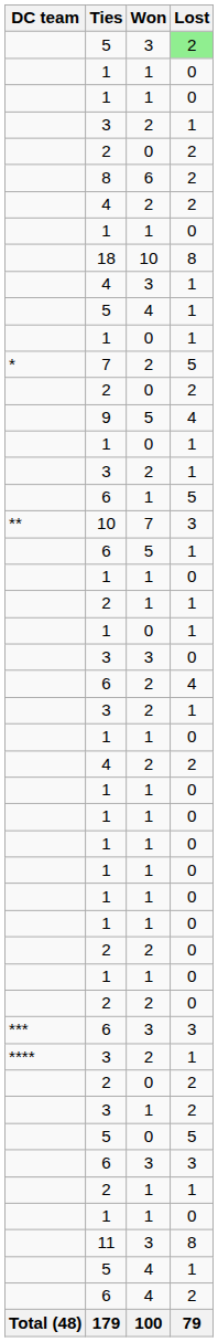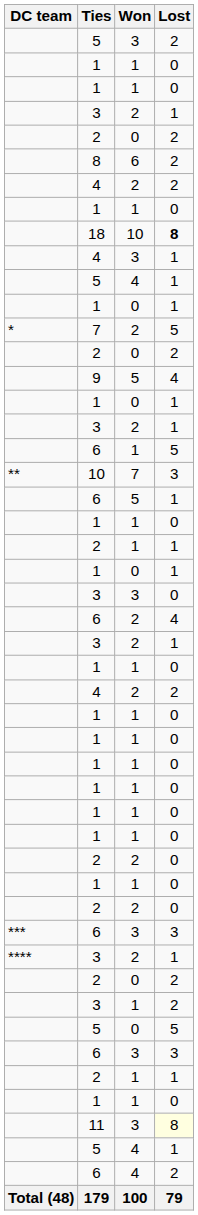 <table class="wikitable sortable" style="text-align:center">
 <tr>
 <th>DC team</th>
 <th>Ties</th>
 <th>Won</th>
 <th>Lost</th>
 </tr>
 <tr>
 <td align="left"></td>
 <td>5</td>
 <td>3</td>
-<td style="background: lightgreen;">2</td>
+<td>2</td>
 </tr>
 <tr>
 <td align="left"></td>
 <td>1</td>
 <td>1</td>
 <td>0</td>
 </tr>
 <tr>
 <td align="left"></td>
 <td>1</td>
 <td>1</td>
 <td>0</td>
 </tr>
 <tr>
 <td align="left"></td>
 <td>3</td>
 <td>2</td>
 <td>1</td>
 </tr>
 <tr>
 <td align="left"></td>
 <td>2</td>
 <td>0</td>
 <td>2</td>
 </tr>
 <tr>
 <td align="left"></td>
 <td>8</td>
 <td>6</td>
 <td>2</td>
 </tr>
 <tr>
 <td align="left"></td>
 <td>4</td>
 <td>2</td>
 <td>2</td>
 </tr>
 <tr>
 <td align="left"></td>
 <td>1</td>
 <td>1</td>
 <td>0</td>
 </tr>
 <tr>
 <td align="left"></td>
 <td>18</td>
 <td>10</td>
-<td>8</td>
+<td><strong>8</strong></td>
 </tr>
 <tr>
 <td align="left"></td>
 <td>4</td>
 <td>3</td>
 <td>1</td>
 </tr>
 <tr>
 <td align="left"></td>
 <td>5</td>
 <td>4</td>
 <td>1</td>
 </tr>
 <tr>
 <td align="left"></td>
 <td>1</td>
 <td>0</td>
 <td>1</td>
 </tr>
 <tr>
 <td align="left">*</td>
 <td>7</td>
 <td>2</td>
 <td>5</td>
 </tr>
 <tr>
 <td align="left"></td>
 <td>2</td>
 <td>0</td>
 <td>2</td>
 </tr>
 <tr>
 <td align="left"></td>
 <td>9</td>
 <td>5</td>
 <td>4</td>
 </tr>
 <tr>
 <td align="left"></td>
 <td>1</td>
 <td>0</td>
 <td>1</td>
 </tr>
 <tr>
 <td align="left"></td>
 <td>3</td>
 <td>2</td>
 <td>1</td>
 </tr>
 <tr>
 <td align="left"></td>
 <td>6</td>
 <td>1</td>
 <td>5</td>
 </tr>
 <tr>
 <td align="left">**</td>
 <td>10</td>
 <td>7</td>
 <td>3</td>
 </tr>
 <tr>
 <td align="left"></td>
 <td>6</td>
 <td>5</td>
 <td>1</td>
 </tr>
 <tr>
 <td align="left"></td>
 <td>1</td>
 <td>1</td>
 <td>0</td>
 </tr>
 <tr>
 <td align="left"></td>
 <td>2</td>
 <td>1</td>
 <td>1</td>
 </tr>
 <tr>
 <td align="left"></td>
 <td>1</td>
 <td>0</td>
 <td>1</td>
 </tr>
 <tr>
 <td align="left"></td>
 <td>3</td>
 <td>3</td>
 <td>0</td>
 </tr>
 <tr>
 <td align="left"></td>
 <td>6</td>
 <td>2</td>
 <td>4</td>
 </tr>
 <tr>
 <td align="left"></td>
 <td>3</td>
 <td>2</td>
 <td>1</td>
 </tr>
 <tr>
 <td align="left"></td>
 <td>1</td>
 <td>1</td>
 <td>0</td>
 </tr>
 <tr>
 <td align="left"></td>
 <td>4</td>
 <td>2</td>
 <td>2</td>
 </tr>
 <tr>
 <td align="left"></td>
 <td>1</td>
 <td>1</td>
 <td>0</td>
 </tr>
 <tr>
 <td align="left"></td>
 <td>1</td>
 <td>1</td>
 <td>0</td>
 </tr>
 <tr>
 <td align="left"></td>
 <td>1</td>
 <td>1</td>
 <td>0</td>
 </tr>
 <tr>
 <td align="left"></td>
 <td>1</td>
 <td>1</td>
 <td>0</td>
 </tr>
 <tr>
 <td align="left"></td>
 <td>1</td>
 <td>1</td>
 <td>0</td>
 </tr>
 <tr>
 <td align="left"></td>
 <td>1</td>
 <td>1</td>
 <td>0</td>
 </tr>
 <tr>
 <td align="left"></td>
 <td>2</td>
 <td>2</td>
 <td>0</td>
 </tr>
 <tr>
 <td align="left"></td>
 <td>1</td>
 <td>1</td>
 <td>0</td>
 </tr>
 <tr>
 <td align="left"></td>
 <td>2</td>
 <td>2</td>
 <td>0</td>
 </tr>
 <tr>
 <td align="left">***</td>
 <td>6</td>
 <td>3</td>
 <td>3</td>
 </tr>
 <tr>
 <td align="left">****</td>
 <td>3</td>
 <td>2</td>
 <td>1</td>
 </tr>
 <tr>
 <td align="left"></td>
 <td>2</td>
 <td>0</td>
 <td>2</td>
 </tr>
 <tr>
 <td align="left"></td>
 <td>3</td>
 <td>1</td>
 <td>2</td>
 </tr>
 <tr>
 <td align="left"></td>
 <td>5</td>
 <td>0</td>
 <td>5</td>
 </tr>
 <tr>
 <td align="left"></td>
 <td>6</td>
 <td>3</td>
 <td>3</td>
 </tr>
 <tr>
 <td align="left"></td>
 <td>2</td>
 <td>1</td>
 <td>1</td>
 </tr>
 <tr>
 <td align="left"></td>
 <td>1</td>
 <td>1</td>
 <td>0</td>
 </tr>
 <tr>
 <td align="left"></td>
 <td>11</td>
 <td>3</td>
-<td>8</td>
+<td style="background: lightyellow;">8</td>
 </tr>
 <tr>
 <td align="left"></td>
 <td>5</td>
 <td>4</td>
 <td>1</td>
 </tr>
 <tr>
 <td align="left"></td>
 <td>6</td>
 <td>4</td>
 <td>2</td>
 </tr>
 <tr>
 <th align="left">Total (48)</th>
 <th>179</th>
 <th>100</th>
 <th>79</th>
 </tr>
 </table>
